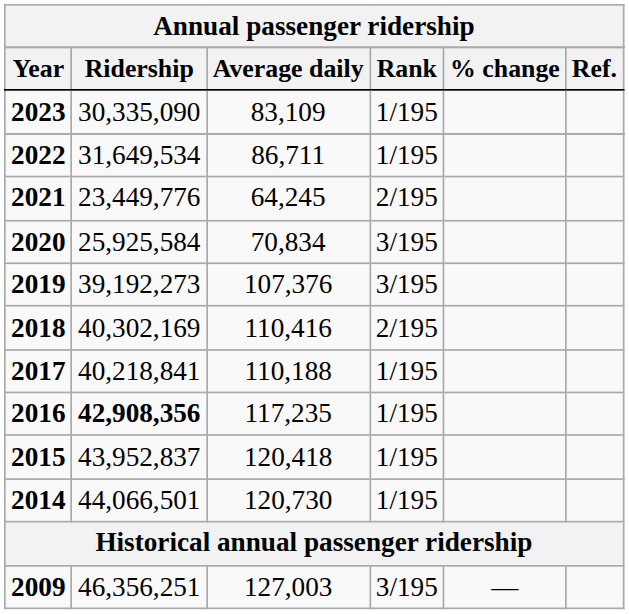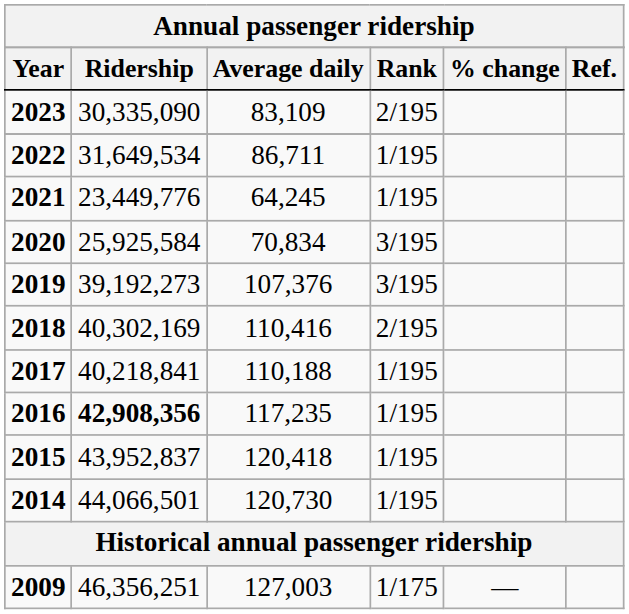 <table class="wikitable sortable" style="text-align:right;">
 <tr>
 <th colspan="6" style="background-color:#">Annual passenger ridership</th>
 </tr>
 <tr style="font-size:95%; text-align:center">
 </tr>
 <tr style="font-size:95%; text-align:center">
 <th style="border-bottom:1px solid black">Year</th>
 <th style="border-bottom:1px solid black">Ridership</th>
 <th style="border-bottom:1px solid black">Average daily</th>
 <th style="border-bottom:1px solid black">Rank</th>
 <th style="border-bottom:1px solid black">% change</th>
 <th style="border-bottom:1px solid black">Ref.</th>
 </tr>
 <tr style="text-align:center;">
 <td><strong>2023</strong></td>
 <td>30,335,090</td>
 <td>83,109</td>
-<td>1/195</td>
+<td>2/195</td>
 <td></td>
 <td></td>
 </tr>
 <tr>
 </tr>
 <tr style="text-align:center;">
 <td><strong>2022</strong></td>
 <td>31,649,534</td>
 <td>86,711</td>
 <td>1/195</td>
 <td></td>
 <td></td>
 </tr>
 <tr style="text-align:center;">
 <td><strong>2021</strong></td>
 <td>23,449,776</td>
 <td>64,245</td>
-<td>2/195</td>
+<td>1/195</td>
 <td></td>
 <td></td>
 </tr>
 <tr style="text-align:center;">
 <td><strong>2020</strong></td>
 <td>25,925,584</td>
 <td>70,834</td>
 <td>3/195</td>
 <td></td>
 <td></td>
 </tr>
 <tr style="text-align:center;">
 <td><strong>2019</strong></td>
 <td>39,192,273</td>
 <td>107,376</td>
 <td>3/195</td>
 <td></td>
 <td></td>
 </tr>
 <tr style="text-align:center;">
 <td><strong>2018</strong></td>
 <td>40,302,169</td>
 <td>110,416</td>
 <td>2/195</td>
 <td></td>
 <td></td>
 </tr>
 <tr style="text-align:center;">
 <td><strong>2017</strong></td>
 <td>40,218,841</td>
 <td>110,188</td>
 <td>1/195</td>
 <td></td>
 <td></td>
 </tr>
 <tr style="text-align:center;">
 <td><strong>2016</strong></td>
 <td><strong>42,908,356</strong></td>
 <td>117,235</td>
 <td>1/195</td>
 <td></td>
 <td></td>
 </tr>
 <tr style="text-align:center;">
 <td><strong>2015</strong></td>
 <td>43,952,837</td>
 <td>120,418</td>
 <td>1/195</td>
 <td></td>
 <td></td>
 </tr>
 <tr style="text-align:center;">
 <td><strong>2014</strong></td>
 <td>44,066,501</td>
 <td>120,730</td>
 <td>1/195</td>
 <td></td>
 <td></td>
 </tr>
 <tr>
 <th colspan="6" style="background-color:#">Historical annual passenger ridership</th>
 </tr>
 <tr style="text-align:center;">
 <td><strong>2009</strong></td>
 <td>46,356,251</td>
 <td>127,003</td>
-<td>3/195</td>
+<td>1/175</td>
 <td>—</td>
 <td></td>
 </tr>
 </table>
